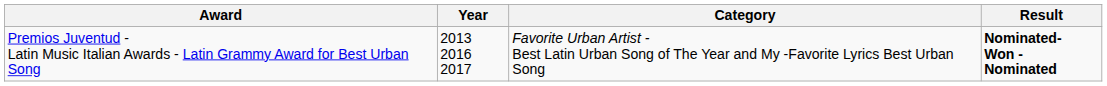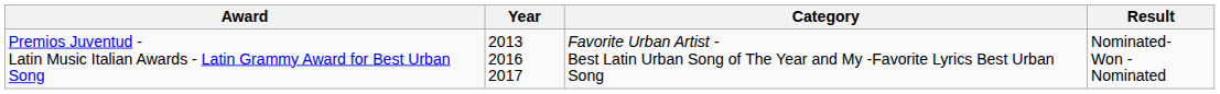 <table class="wikitable">
 <tr>
 <th>Award</th>
 <th>Year</th>
 <th>Category</th>
 <th>Result</th>
 </tr>
 <tr>
 <td><a href='#'>Premios Juventud</a> -<br>Latin Music Italian Awards - <a href='#'>Latin Grammy Award for Best Urban Song</a></td>
 <td rowspan="2">2013<br>2016 2017</td>
 <td><em>Favorite Urban Artist -</em><br>Best Latin Urban Song of The Year and My -Favorite Lyrics Best Urban Song</td>
-<td rowspan=""><strong>Nominated-<br>Won - Nominated</strong></td>
+<td rowspan="">Nominated-<br>Won - Nominated</td>
 </tr>
 </table>
